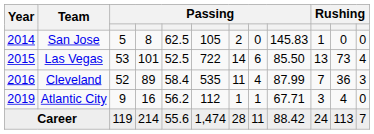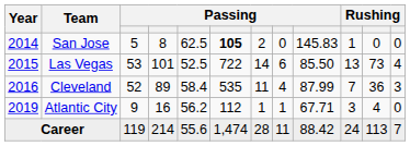 <table class="wikitable sortable" style="text-align:center">
 <tr>
 <th rowspan=2>Year</th>
 <th rowspan=2>Team</th>
 <th colspan=7>Passing</th>
 <th colspan=3>Rushing</th>
 </tr>
 <tr>
 <th></th>
 <th></th>
 <th></th>
 <th></th>
 <th></th>
 <th></th>
 <th></th>
 <th></th>
 <th></th>
 <th></th>
 </tr>
 <tr>
 <td><a href='#'>2014</a></td>
 <td><a href='#'>San Jose</a></td>
 <td>5</td>
 <td>8</td>
 <td>62.5</td>
-<td>105</td>
+<td><strong>105</strong></td>
 <td>2</td>
 <td>0</td>
 <td>145.83</td>
 <td>1</td>
 <td>0</td>
 <td>0</td>
 </tr>
 <tr>
 <td><a href='#'>2015</a></td>
 <td><a href='#'>Las Vegas</a></td>
 <td>53</td>
 <td>101</td>
 <td>52.5</td>
 <td>722</td>
 <td>14</td>
 <td>6</td>
 <td>85.50</td>
 <td>13</td>
 <td>73</td>
 <td>4</td>
 </tr>
 <tr>
 <td><a href='#'>2016</a></td>
 <td><a href='#'>Cleveland</a></td>
 <td>52</td>
 <td>89</td>
 <td>58.4</td>
 <td>535</td>
 <td>11</td>
 <td>4</td>
 <td>87.99</td>
 <td>7</td>
 <td>36</td>
 <td>3</td>
 </tr>
 <tr>
 <td><a href='#'>2019</a></td>
 <td><a href='#'>Atlantic City</a></td>
 <td>9</td>
 <td>16</td>
 <td>56.2</td>
 <td>112</td>
 <td>1</td>
 <td>1</td>
 <td>67.71</td>
 <td>3</td>
 <td>4</td>
 <td>0</td>
 </tr>
 <tr class="sortbottom" style="background:#eee;">
 <td colspan=2><strong>Career</strong></td>
 <td>119</td>
 <td>214</td>
 <td>55.6</td>
 <td>1,474</td>
 <td>28</td>
 <td>11</td>
 <td>88.42</td>
 <td>24</td>
 <td>113</td>
 <td>7</td>
 </tr>
 </table>
